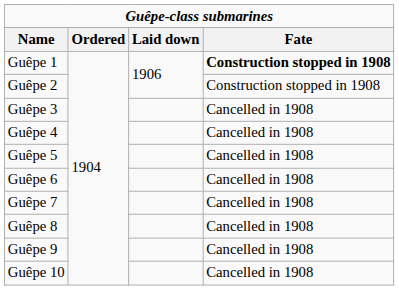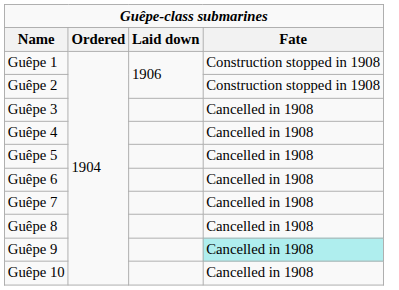 <table class="wikitable">
 <tr>
 <td colspan=4 align=center><strong><em>Guêpe<em>-class submarines<strong></td>
 </tr>
 <tr>
 <th scope="col">Name</th>
 <th scope="col">Ordered</th>
 <th scope="col">Laid down</th>
 <th scope="col">Fate</th>
 </tr>
 <tr>
 <td></em>Guêpe 1<em></td>
 <td rowspan=10>1904</td>
 <td rowspan=2>1906</td>
-<td><strong>Construction stopped in 1908</strong></td>
+<td>Construction stopped in 1908</td>
 </tr>
 <tr>
 <td></em>Guêpe 2<em></td>
 <td>Construction stopped in 1908</td>
 </tr>
 <tr>
 <td></em>Guêpe 3<em></td>
 <td></td>
 <td>Cancelled in 1908</td>
 </tr>
 <tr>
 <td></em>Guêpe 4<em></td>
 <td></td>
 <td>Cancelled in 1908</td>
 </tr>
 <tr>
 <td></em>Guêpe 5<em></td>
 <td></td>
 <td>Cancelled in 1908</td>
 </tr>
 <tr>
 <td></em>Guêpe 6<em></td>
 <td></td>
 <td>Cancelled in 1908</td>
 </tr>
 <tr>
 <td></em>Guêpe 7<em></td>
 <td></td>
 <td>Cancelled in 1908</td>
 </tr>
 <tr>
 <td></em>Guêpe 8<em></td>
 <td></td>
 <td>Cancelled in 1908</td>
 </tr>
 <tr>
 <td></em>Guêpe 9<em></td>
 <td></td>
-<td>Cancelled in 1908</td>
+<td style="background: paleturquoise;">Cancelled in 1908</td>
 </tr>
 <tr>
 <td></em>Guêpe 10<em></td>
 <td></td>
 <td>Cancelled in 1908</td>
 </tr>
 </table>
